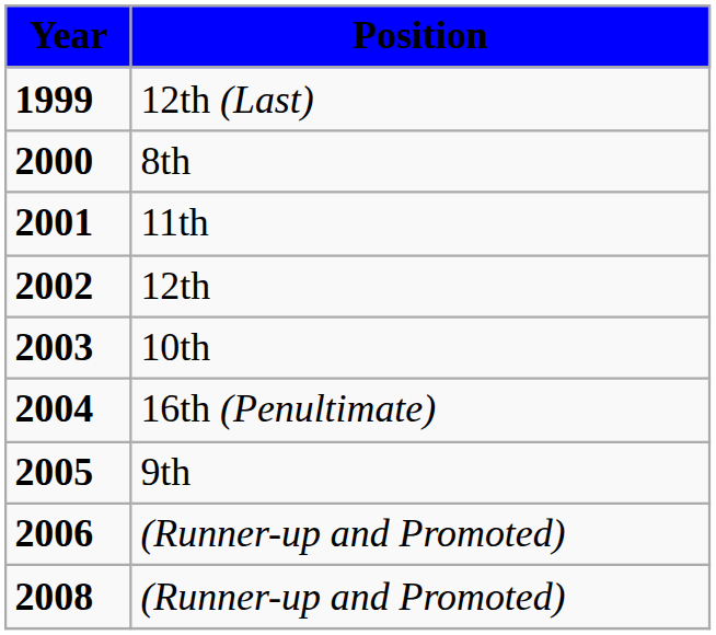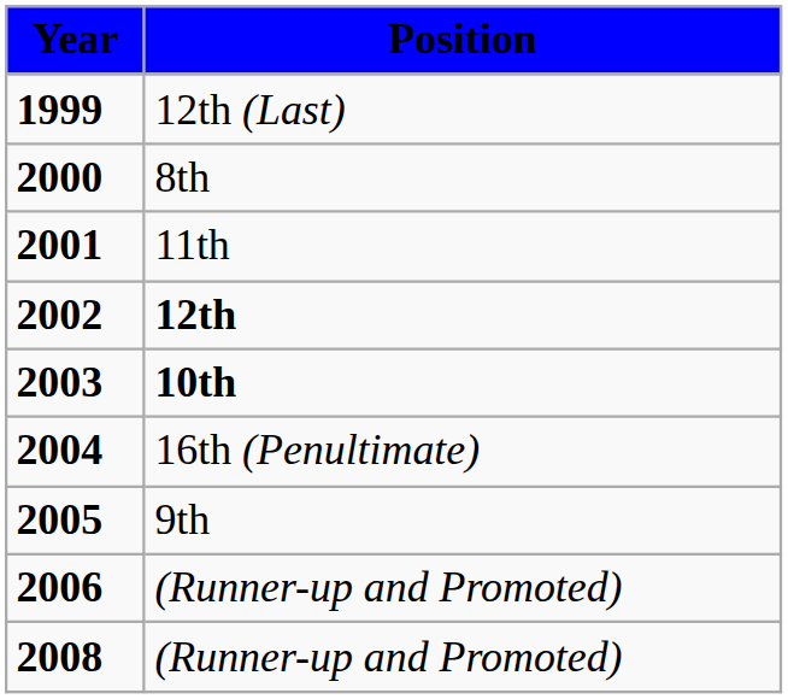 <table class="wikitable" style="width: 18em;">
 <tr bgcolor="0000FF" align="center">
 <td><span><strong>Year</strong></span></td>
 <td><span><strong>Position</strong></span></td>
 </tr>
 <tr>
 <td><strong>1999</strong></td>
 <td>12th <em>(Last)</em></td>
 </tr>
 <tr>
 <td><strong>2000</strong></td>
 <td>8th</td>
 </tr>
 <tr>
 <td><strong>2001</strong></td>
 <td>11th</td>
 </tr>
 <tr>
 <td><strong>2002</strong></td>
-<td>12th</td>
+<td><strong>12th</strong></td>
 </tr>
 <tr>
 <td><strong>2003</strong></td>
-<td>10th</td>
+<td><strong>10th</strong></td>
 </tr>
 <tr>
 <td><strong>2004</strong></td>
 <td>16th <em>(Penultimate)</em></td>
 </tr>
 <tr>
 <td><strong>2005</strong></td>
 <td>9th</td>
 </tr>
 <tr>
 <td><strong>2006</strong></td>
 <td><em>(Runner-up and Promoted)</em></td>
 </tr>
 <tr>
 <td><strong>2008</strong></td>
 <td><em>(Runner-up and Promoted)</em></td>
 </tr>
 <tr>
 </tr>
 </table>
